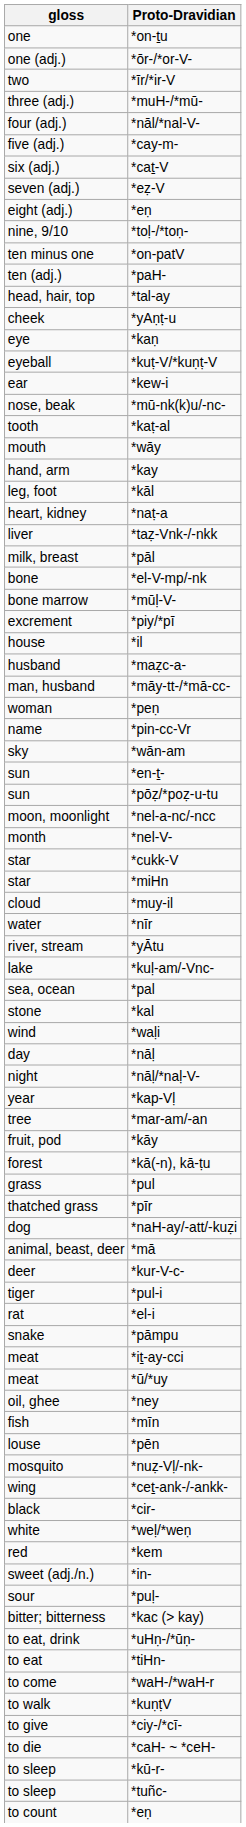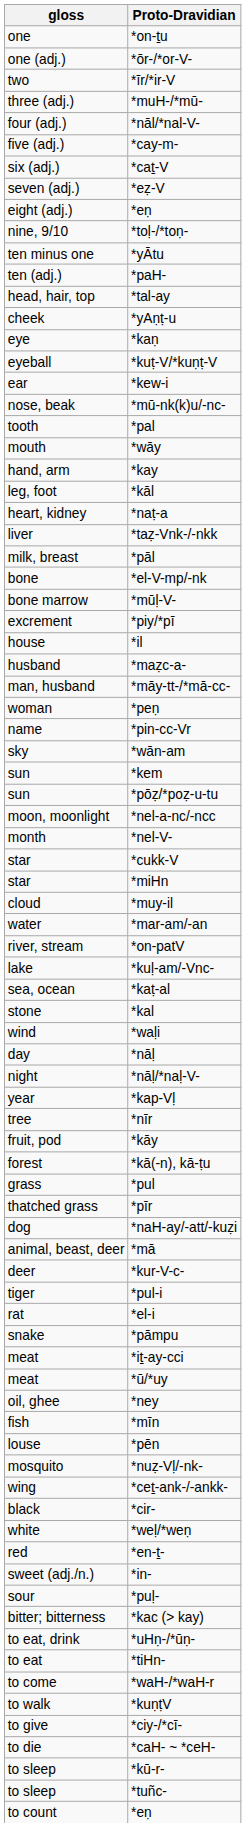 <table class="wikitable sortable" style="font-size: 85%">
 <tr>
 <th>gloss</th>
 <th>Proto-Dravidian</th>
 </tr>
 <tr>
 <td>one</td>
 <td>*on-ṯu</td>
 </tr>
 <tr>
 <td>one (adj.)</td>
 <td>*ōr-/*or-V-</td>
 </tr>
 <tr>
 <td>two</td>
 <td>*īr/*ir-V</td>
 </tr>
 <tr>
 <td>three (adj.)</td>
 <td>*muH-/*mū-</td>
 </tr>
 <tr>
 <td>four (adj.)</td>
 <td>*nāl/*nal-V-</td>
 </tr>
 <tr>
 <td>five (adj.)</td>
 <td>*cay-m-</td>
 </tr>
 <tr>
 <td>six (adj.)</td>
 <td>*caṯ-V</td>
 </tr>
 <tr>
 <td>seven (adj.)</td>
 <td>*eẓ-V</td>
 </tr>
 <tr>
 <td>eight (adj.)</td>
 <td>*eṇ</td>
 </tr>
 <tr>
 <td>nine, 9/10</td>
 <td>*toḷ-/*toṇ-</td>
 </tr>
 <tr>
 <td>ten minus one</td>
-<td>*on-patV</td>
+<td>*yĀtu</td>
 </tr>
 <tr>
 <td>ten (adj.)</td>
 <td>*paH-</td>
 </tr>
 <tr>
 <td>head, hair, top</td>
 <td>*tal-ay</td>
 </tr>
 <tr>
 <td>cheek</td>
 <td>*yAṇṭ-u</td>
 </tr>
 <tr>
 <td>eye</td>
 <td>*kaṇ</td>
 </tr>
 <tr>
 <td>eyeball</td>
 <td>*kuṭ-V/*kuṇṭ-V</td>
 </tr>
 <tr>
 <td>ear</td>
 <td>*kew-i</td>
 </tr>
 <tr>
 <td>nose, beak</td>
 <td>*mū-nk(k)u/-nc-</td>
 </tr>
 <tr>
 <td>tooth</td>
-<td>*kaṭ-al</td>
+<td>*pal</td>
 </tr>
 <tr>
 <td>mouth</td>
 <td>*wāy</td>
 </tr>
 <tr>
 <td>hand, arm</td>
 <td>*kay</td>
 </tr>
 <tr>
 <td>leg, foot</td>
 <td>*kāl</td>
 </tr>
 <tr>
 <td>heart, kidney</td>
 <td>*naṭ-a</td>
 </tr>
 <tr>
 <td>liver</td>
 <td>*taẓ-Vnk-/-nkk</td>
 </tr>
 <tr>
 <td>milk, breast</td>
 <td>*pāl</td>
 </tr>
 <tr>
 <td>bone</td>
 <td>*el-V-mp/-nk</td>
 </tr>
 <tr>
 <td>bone marrow</td>
 <td>*mūḷ-V-</td>
 </tr>
 <tr>
 <td>excrement</td>
 <td>*piy/*pī</td>
 </tr>
 <tr>
 <td>house</td>
 <td>*il</td>
 </tr>
 <tr>
 <td>husband</td>
 <td>*maẓc-a-</td>
 </tr>
 <tr>
 <td>man, husband</td>
 <td>*māy-tt-/*mā-cc-</td>
 </tr>
 <tr>
 <td>woman</td>
 <td>*peṇ</td>
 </tr>
 <tr>
 <td>name</td>
 <td>*pin-cc-Vr</td>
 </tr>
 <tr>
 <td>sky</td>
 <td>*wān-am</td>
 </tr>
 <tr>
 <td>sun</td>
-<td>*en-ṯ-</td>
+<td>*kem</td>
 </tr>
 <tr>
 <td>sun</td>
 <td>*pōẓ/*poẓ-u-tu</td>
 </tr>
 <tr>
 <td>moon, moonlight</td>
 <td>*nel-a-nc/-ncc</td>
 </tr>
 <tr>
 <td>month</td>
 <td>*nel-V-</td>
 </tr>
 <tr>
 <td>star</td>
 <td>*cukk-V</td>
 </tr>
 <tr>
 <td>star</td>
 <td>*miHn</td>
 </tr>
 <tr>
 <td>cloud</td>
 <td>*muy-il</td>
 </tr>
 <tr>
 <td>water</td>
-<td>*nīr</td>
+<td>*mar-am/-an</td>
 </tr>
 <tr>
 <td>river, stream</td>
-<td>*yĀtu</td>
+<td>*on-patV</td>
 </tr>
 <tr>
 <td>lake</td>
 <td>*kuḷ-am/-Vnc-</td>
 </tr>
 <tr>
 <td>sea, ocean</td>
-<td>*pal</td>
+<td>*kaṭ-al</td>
 </tr>
 <tr>
 <td>stone</td>
 <td>*kal</td>
 </tr>
 <tr>
 <td>wind</td>
 <td>*waḷi</td>
 </tr>
 <tr>
 <td>day</td>
 <td>*nāḷ</td>
 </tr>
 <tr>
 <td>night</td>
 <td>*nāḷ/*naḷ-V-</td>
 </tr>
 <tr>
 <td>year</td>
 <td>*kap-Vḷ</td>
 </tr>
 <tr>
 <td>tree</td>
-<td>*mar-am/-an</td>
+<td>*nīr</td>
 </tr>
 <tr>
 <td>fruit, pod</td>
 <td>*kāy</td>
 </tr>
 <tr>
 <td>forest</td>
 <td>*kā(-n), kā-ṭu</td>
 </tr>
 <tr>
 <td>grass</td>
 <td>*pul</td>
 </tr>
 <tr>
 <td>thatched grass</td>
 <td>*pīr</td>
 </tr>
 <tr>
 <td>dog</td>
 <td>*naH-ay/-att/-kuẓi</td>
 </tr>
 <tr>
 <td>animal, beast, deer</td>
 <td>*mā</td>
 </tr>
 <tr>
 <td>deer</td>
 <td>*kur-V-c-</td>
 </tr>
 <tr>
 <td>tiger</td>
 <td>*pul-i</td>
 </tr>
 <tr>
 <td>rat</td>
 <td>*el-i</td>
 </tr>
 <tr>
 <td>snake</td>
 <td>*pāmpu</td>
 </tr>
 <tr>
 <td>meat</td>
 <td>*iṯ-ay-cci</td>
 </tr>
 <tr>
 <td>meat</td>
 <td>*ū/*uy</td>
 </tr>
 <tr>
 <td>oil, ghee</td>
 <td>*ney</td>
 </tr>
 <tr>
 <td>fish</td>
 <td>*mīn</td>
 </tr>
 <tr>
 <td>louse</td>
 <td>*pēn</td>
 </tr>
 <tr>
 <td>mosquito</td>
 <td>*nuẓ-Vḷ/-nk-</td>
 </tr>
 <tr>
 <td>wing</td>
 <td>*ceṯ-ank-/-ankk-</td>
 </tr>
 <tr>
 <td>black</td>
 <td>*cir-</td>
 </tr>
 <tr>
 <td>white</td>
 <td>*weḷ/*weṇ</td>
 </tr>
 <tr>
 <td>red</td>
-<td>*kem</td>
+<td>*en-ṯ-</td>
 </tr>
 <tr>
 <td>sweet (adj./n.)</td>
 <td>*in-</td>
 </tr>
 <tr>
 <td>sour</td>
 <td>*puḷ-</td>
 </tr>
 <tr>
 <td>bitter; bitterness</td>
 <td>*kac (> kay)</td>
 </tr>
 <tr>
 <td>to eat, drink</td>
 <td>*uHṇ-/*ūṇ-</td>
 </tr>
 <tr>
 <td>to eat</td>
 <td>*tiHn-</td>
 </tr>
 <tr>
 <td>to come</td>
 <td>*waH-/*waH-r</td>
 </tr>
 <tr>
 <td>to walk</td>
 <td>*kuṇṭV</td>
 </tr>
 <tr>
 <td>to give</td>
 <td>*ciy-/*cī-</td>
 </tr>
 <tr>
 <td>to die</td>
 <td>*caH- ~ *ceH-</td>
 </tr>
 <tr>
 <td>to sleep</td>
 <td>*kū-r-</td>
 </tr>
 <tr>
 <td>to sleep</td>
 <td>*tuñc-</td>
 </tr>
 <tr>
 <td>to count</td>
 <td>*eṇ</td>
 </tr>
 </table>
